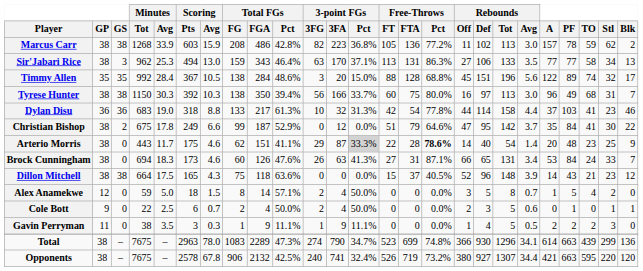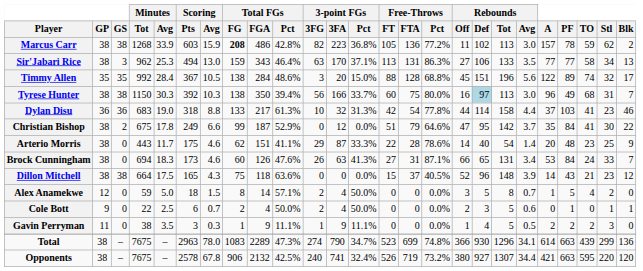 <table class="wikitable sortable" border="1" style="font-size:90%;">
 <tr>
 <th colspan="3" style="border-top-style:hidden; border-left-style:hidden; background: white;"></th>
 <th colspan="2" style=>Minutes</th>
 <th colspan="2" style=>Scoring</th>
 <th colspan="3" style=>Total FGs</th>
 <th colspan="3" style=>3-point FGs</th>
 <th colspan="3" style=>Free-Throws</th>
 <th colspan="4" style=>Rebounds</th>
 <th colspan="5" style="border-top-style:hidden; border-right-style:hidden; background: white;"></th>
 </tr>
 <tr>
 <th scope="col" style=>Player</th>
 <th scope="col" style=>GP</th>
 <th scope="col" style=>GS</th>
 <th scope="col" style=>Tot</th>
 <th scope="col" style=>Avg</th>
 <th scope="col" style=>Pts</th>
 <th scope="col" style=>Avg</th>
 <th scope="col" style=>FG</th>
 <th scope="col" style=>FGA</th>
 <th scope="col" style=>Pct</th>
 <th scope="col" style=>3FG</th>
 <th scope="col" style=>3FA</th>
 <th scope="col" style=>Pct</th>
 <th scope="col" style=>FT</th>
 <th scope="col" style=>FTA</th>
 <th scope="col" style=>Pct</th>
 <th scope="col" style=>Off</th>
 <th scope="col" style=>Def</th>
 <th scope="col" style=>Tot</th>
 <th scope="col" style=>Avg</th>
 <th scope="col" style=>A</th>
 <th scope="col" style=>PF</th>
 <th scope="col" style=>TO</th>
 <th scope="col" style=>Stl</th>
 <th scope="col" style=>Blk</th>
 </tr>
 <tr>
 <th style=white-space:nowrap><a href='#'>Marcus Carr</a></th>
 <td align="right">38</td>
 <td align="right">38</td>
 <td align="right">1268</td>
 <td align="right">33.9</td>
 <td align="right">603</td>
 <td align="right">15.9</td>
-<td align="right">208</td>
+<td align="right"><strong>208</strong></td>
 <td align="right">486</td>
 <td align="right">42.8%</td>
 <td align="right">82</td>
 <td align="right">223</td>
 <td align="right">36.8%</td>
 <td align="right">105</td>
 <td align="right">136</td>
 <td align="right">77.2%</td>
 <td align="right">11</td>
 <td align="right">102</td>
 <td align="right">113</td>
 <td align="right">3.0</td>
 <td align="right">157</td>
 <td align="right">78</td>
 <td align="right">59</td>
 <td align="right">62</td>
 <td align="right">2</td>
 </tr>
 <tr>
 <th style=white-space:nowrap><a href='#'>Sir'Jabari Rice</a></th>
 <td align="right">38</td>
 <td align="right">3</td>
 <td align="right">962</td>
 <td align="right">25.3</td>
 <td align="right">494</td>
 <td align="right">13.0</td>
 <td align="right">159</td>
 <td align="right">343</td>
 <td align="right">46.4%</td>
 <td align="right">63</td>
 <td align="right">170</td>
 <td align="right">37.1%</td>
 <td align="right">113</td>
 <td align="right">131</td>
 <td align="right">86.3%</td>
 <td align="right">27</td>
 <td align="right">106</td>
 <td align="right">133</td>
 <td align="right">3.5</td>
 <td align="right">77</td>
 <td align="right">77</td>
 <td align="right">58</td>
 <td align="right">34</td>
 <td align="right">13</td>
 </tr>
 <tr>
 <th style=white-space:nowrap><a href='#'>Timmy Allen</a></th>
 <td align="right">35</td>
 <td align="right">35</td>
 <td align="right">992</td>
 <td align="right">28.4</td>
 <td align="right">367</td>
 <td align="right">10.5</td>
 <td align="right">138</td>
 <td align="right">284</td>
 <td align="right">48.6%</td>
 <td align="right">3</td>
 <td align="right">20</td>
 <td align="right">15.0%</td>
 <td align="right">88</td>
 <td align="right">128</td>
 <td align="right">68.8%</td>
 <td align="right">45</td>
 <td align="right">151</td>
 <td align="right">196</td>
 <td align="right">5.6</td>
 <td align="right">122</td>
 <td align="right">89</td>
 <td align="right">74</td>
 <td align="right">32</td>
 <td align="right">17</td>
 </tr>
 <tr>
 <th style=white-space:nowrap><a href='#'>Tyrese Hunter</a></th>
 <td align="right">38</td>
 <td align="right">38</td>
 <td align="right">1150</td>
 <td align="right">30.3</td>
 <td align="right">392</td>
 <td align="right">10.3</td>
 <td align="right">138</td>
 <td align="right">350</td>
 <td align="right">39.4%</td>
 <td align="right">56</td>
 <td align="right">166</td>
 <td align="right">33.7%</td>
 <td align="right">60</td>
 <td align="right">75</td>
 <td align="right">80.0%</td>
 <td align="right">16</td>
-<td align="right">97</td>
+<td align="right" style="background: lightblue;">97</td>
 <td align="right">113</td>
 <td align="right">3.0</td>
 <td align="right">96</td>
 <td align="right">49</td>
 <td align="right">68</td>
 <td align="right">31</td>
 <td align="right">7</td>
 </tr>
 <tr>
 <th style=white-space:nowrap><a href='#'>Dylan Disu</a></th>
 <td align="right">36</td>
 <td align="right">36</td>
 <td align="right">683</td>
 <td align="right">19.0</td>
 <td align="right">318</td>
 <td align="right">8.8</td>
 <td align="right">133</td>
 <td align="right">217</td>
 <td align="right">61.3%</td>
 <td align="right">10</td>
 <td align="right">32</td>
 <td align="right">31.3%</td>
 <td align="right">42</td>
 <td align="right">54</td>
 <td align="right">77.8%</td>
 <td align="right">44</td>
 <td align="right">114</td>
 <td align="right">158</td>
 <td align="right">4.4</td>
 <td align="right">37</td>
 <td align="right">103</td>
 <td align="right">41</td>
 <td align="right">23</td>
 <td align="right">46</td>
 </tr>
 <tr>
 <th style=white-space:nowrap>Christian Bishop</th>
 <td align="right">38</td>
 <td align="right">2</td>
 <td align="right">675</td>
 <td align="right">17.8</td>
 <td align="right">249</td>
 <td align="right">6.6</td>
 <td align="right">99</td>
 <td align="right">187</td>
 <td align="right">52.9%</td>
 <td align="right">0</td>
 <td align="right">12</td>
 <td align="right">0.0%</td>
 <td align="right">51</td>
 <td align="right">79</td>
 <td align="right">64.6%</td>
 <td align="right">47</td>
 <td align="right">95</td>
 <td align="right">142</td>
 <td align="right">3.7</td>
 <td align="right">35</td>
 <td align="right">84</td>
 <td align="right">41</td>
 <td align="right">30</td>
 <td align="right">22</td>
 </tr>
 <tr>
 <th style=white-space:nowrap>Arterio Morris</th>
 <td align="right">38</td>
 <td align="right">0</td>
 <td align="right">443</td>
 <td align="right">11.7</td>
 <td align="right">175</td>
 <td align="right">4.6</td>
 <td align="right">62</td>
 <td align="right">151</td>
 <td align="right">41.1%</td>
 <td align="right">29</td>
 <td align="right">87</td>
-<td align="right" style="background: lightgrey;">33.3%</td>
+<td align="right">33.3%</td>
 <td align="right">22</td>
 <td align="right">28</td>
-<td align="right"><strong>78.6%</strong></td>
+<td align="right">78.6%</td>
 <td align="right">14</td>
 <td align="right">40</td>
 <td align="right">54</td>
 <td align="right">1.4</td>
 <td align="right">20</td>
 <td align="right">48</td>
 <td align="right">23</td>
 <td align="right">25</td>
 <td align="right">9</td>
 </tr>
 <tr>
 <th style=white-space:nowrap>Brock Cunningham</th>
 <td align="right">38</td>
 <td align="right">0</td>
 <td align="right">694</td>
 <td align="right">18.3</td>
 <td align="right">173</td>
 <td align="right">4.6</td>
 <td align="right">60</td>
 <td align="right">126</td>
 <td align="right">47.6%</td>
 <td align="right">26</td>
 <td align="right">63</td>
 <td align="right">41.3%</td>
 <td align="right">27</td>
 <td align="right">31</td>
 <td align="right">87.1%</td>
 <td align="right">66</td>
 <td align="right">65</td>
 <td align="right">131</td>
 <td align="right">3.4</td>
 <td align="right">53</td>
 <td align="right">84</td>
 <td align="right">24</td>
 <td align="right">33</td>
 <td align="right">7</td>
 </tr>
 <tr>
 <th style=white-space:nowrap><a href='#'>Dillon Mitchell</a></th>
 <td align="right">38</td>
 <td align="right">38</td>
 <td align="right">664</td>
 <td align="right">17.5</td>
 <td align="right">165</td>
 <td align="right">4.3</td>
 <td align="right">75</td>
 <td align="right">118</td>
 <td align="right">63.6%</td>
 <td align="right">0</td>
 <td align="right">0</td>
 <td align="right">0.0%</td>
 <td align="right">15</td>
 <td align="right">37</td>
 <td align="right">40.5%</td>
 <td align="right">52</td>
 <td align="right">96</td>
 <td align="right">148</td>
 <td align="right">3.9</td>
 <td align="right">14</td>
 <td align="right">43</td>
 <td align="right">21</td>
 <td align="right">23</td>
 <td align="right">12</td>
 </tr>
 <tr>
 <th style=white-space:nowrap>Alex Anamekwe</th>
 <td align="right">12</td>
 <td align="right">0</td>
 <td align="right">59</td>
 <td align="right">5.0</td>
 <td align="right">18</td>
 <td align="right">1.5</td>
 <td align="right">8</td>
 <td align="right">14</td>
 <td align="right">57.1%</td>
 <td align="right">2</td>
 <td align="right">4</td>
 <td align="right">50.0%</td>
 <td align="right">0</td>
 <td align="right">0</td>
 <td align="right">0.0%</td>
 <td align="right">3</td>
 <td align="right">5</td>
 <td align="right">8</td>
 <td align="right">0.7</td>
 <td align="right">1</td>
 <td align="right">5</td>
 <td align="right">4</td>
 <td align="right">2</td>
 <td align="right">0</td>
 </tr>
 <tr>
 <th style=white-space:nowrap>Cole Bott</th>
 <td align="right">9</td>
 <td align="right">0</td>
 <td align="right">22</td>
 <td align="right">2.5</td>
 <td align="right">6</td>
 <td align="right">0.7</td>
 <td align="right">2</td>
 <td align="right">4</td>
 <td align="right">50.0%</td>
 <td align="right">2</td>
 <td align="right">4</td>
 <td align="right">50.0%</td>
 <td align="right">0</td>
 <td align="right">0</td>
 <td align="right">0.0%</td>
 <td align="right">2</td>
 <td align="right">3</td>
 <td align="right">5</td>
 <td align="right">0.6</td>
 <td align="right">0</td>
 <td align="right">1</td>
 <td align="right">0</td>
 <td align="right">1</td>
 <td align="right">1</td>
 </tr>
 <tr>
 <th style=white-space:nowrap>Gavin Perryman</th>
 <td align="right">11</td>
 <td align="right">0</td>
 <td align="right">38</td>
 <td align="right">3.5</td>
 <td align="right">3</td>
 <td align="right">0.3</td>
 <td align="right">1</td>
 <td align="right">9</td>
 <td align="right">11.1%</td>
 <td align="right">1</td>
 <td align="right">9</td>
 <td align="right">11.1%</td>
 <td align="right">0</td>
 <td align="right">0</td>
 <td align="right">0.0%</td>
 <td align="right">1</td>
 <td align="right">4</td>
 <td align="right">5</td>
 <td align="right">0.5</td>
 <td align="right">2</td>
 <td align="right">2</td>
 <td align="right">2</td>
 <td align="right">3</td>
 <td align="right">0</td>
 </tr>
 <tr>
 </tr>
 <tr>
 </tr>
 <tr>
 </tr>
 <tr class="sortbottom">
 <td align="center" style=><strong>Total</strong></td>
 <td align="center" style=>38</td>
 <td align="center" style=>–</td>
 <td align="center" style=>7675</td>
 <td align="center" style=>–</td>
 <td align="center" style=>2963</td>
 <td align="center" style=>78.0</td>
 <td align="center" style=>1083</td>
 <td align="center" style=>2289</td>
 <td align="center" style=>47.3%</td>
 <td align="center" style=>274</td>
 <td align="center" style=>790</td>
 <td align="center" style=>34.7%</td>
 <td align="center" style=>523</td>
 <td align="center" style=>699</td>
 <td align="center" style=>74.8%</td>
 <td align="center" style=>366</td>
 <td align="center" style=>930</td>
 <td align="center" style=>1296</td>
 <td align="center" style=>34.1</td>
 <td align="center" style=>614</td>
 <td align="center" style=>663</td>
 <td align="center" style=>439</td>
 <td align="center" style=>299</td>
 <td align="center" style=>136</td>
 </tr>
 <tr class="sortbottom">
 <td align="center"><strong>Opponents</strong></td>
 <td align="center">38</td>
 <td align="center">–</td>
 <td align="center">7675</td>
 <td align="center">–</td>
 <td align="center">2578</td>
 <td align="center">67.8</td>
 <td align="center">906</td>
 <td align="center">2132</td>
 <td align="center">42.5%</td>
 <td align="center">240</td>
 <td align="center">741</td>
 <td align="center">32.4%</td>
 <td align="center">526</td>
 <td align="center">719</td>
 <td align="center">73.2%</td>
 <td align="center">380</td>
 <td align="center">927</td>
 <td align="center">1307</td>
 <td align="center">34.4</td>
 <td align="center">421</td>
 <td align="center">663</td>
 <td align="center">595</td>
 <td align="center">220</td>
 <td align="center">120</td>
 </tr>
 </table>
